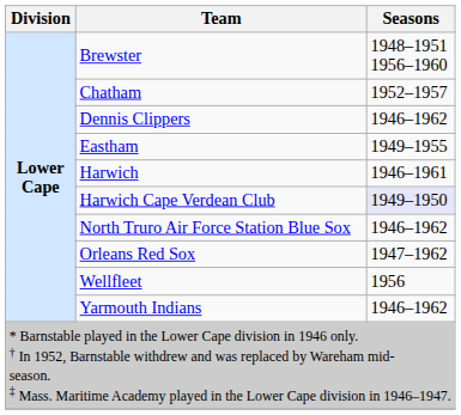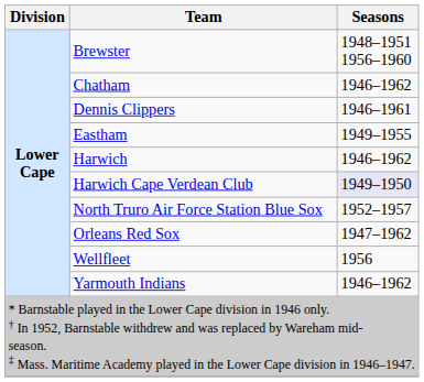 <table class="wikitable" style="display: inline-table; text-align:left">
 <tr>
 <th>Division</th>
 <th colspan="1">Team</th>
 <th>Seasons</th>
 </tr>
 <tr>
 <th rowspan="10" style="background:#D0E7FF; color:black;">Lower<br>Cape</th>
 <td><a href='#'>Brewster</a></td>
 <td>1948–1951<br>1956–1960</td>
 </tr>
 <tr>
 <td><a href='#'>Chatham</a></td>
-<td>1952–1957</td>
+<td>1946–1962</td>
 </tr>
 <tr>
 <td><a href='#'>Dennis Clippers</a></td>
-<td>1946–1962</td>
+<td>1946–1961</td>
 </tr>
 <tr>
 <td><a href='#'>Eastham</a></td>
 <td>1949–1955</td>
 </tr>
 <tr>
 <td><a href='#'>Harwich</a></td>
-<td>1946–1961</td>
+<td>1946–1962</td>
 </tr>
 <tr>
 <td><a href='#'>Harwich Cape Verdean Club</a></td>
 <td style="background: lavender;">1949–1950</td>
 </tr>
 <tr>
 <td><a href='#'>North Truro Air Force Station Blue Sox</a></td>
-<td>1946–1962</td>
+<td>1952–1957</td>
 </tr>
 <tr>
 <td><a href='#'>Orleans Red Sox</a></td>
 <td>1947–1962</td>
 </tr>
 <tr>
 <td><a href='#'>Wellfleet</a></td>
 <td>1956</td>
 </tr>
 <tr>
 <td><a href='#'>Yarmouth Indians</a></td>
 <td>1946–1962</td>
 </tr>
 <tr>
 <td colspan="3" align="left" bgcolor=#cccccc><small>* Barnstable played in the Lower Cape division in 1946 only.<br><sup>†</sup> In 1952, Barnstable withdrew and was replaced by Wareham mid-<br>season.<br><sup>‡</sup> Mass. Maritime Academy played in the Lower Cape division in 1946–1947.</small></td>
 </tr>
 <tr>
 </tr>
 </table>
